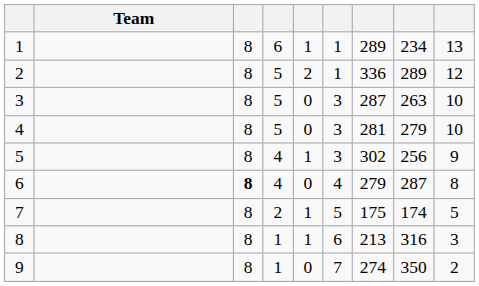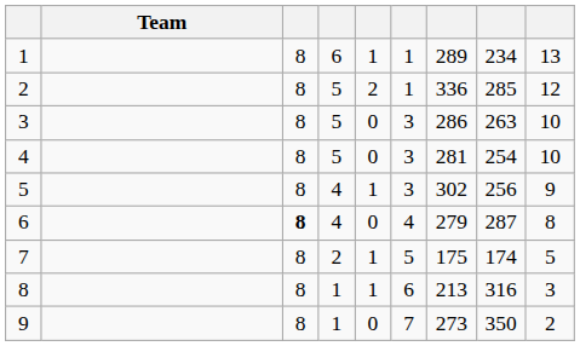 <table class=wikitable style=text-align:center>
 <tr>
 <th width=20 abbr=Position></th>
 <th width=175>Team</th>
 <th width=20 abbr=Played></th>
 <th width=20 abbr=Won></th>
 <th width=20 abbr=Drawn></th>
 <th width=20 abbr=Lost></th>
 <th width=30 abbr=Goal for></th>
 <th width=30 abbr=Goal against></th>
 <th width=30 abbr=Points></th>
 </tr>
 <tr>
 <td>1</td>
 <td align=left></td>
 <td>8</td>
 <td>6</td>
 <td>1</td>
 <td>1</td>
 <td>289</td>
 <td>234</td>
 <td>13</td>
 </tr>
 <tr>
 <td>2</td>
 <td align=left></td>
 <td>8</td>
 <td>5</td>
 <td>2</td>
 <td>1</td>
 <td>336</td>
-<td>289</td>
+<td>285</td>
 <td>12</td>
 </tr>
 <tr>
 <td>3</td>
 <td align=left></td>
 <td>8</td>
 <td>5</td>
 <td>0</td>
 <td>3</td>
-<td>287</td>
+<td>286</td>
 <td>263</td>
 <td>10</td>
 </tr>
 <tr>
 <td>4</td>
 <td align=left></td>
 <td>8</td>
 <td>5</td>
 <td>0</td>
 <td>3</td>
 <td>281</td>
-<td>279</td>
+<td>254</td>
 <td>10</td>
 </tr>
 <tr>
 <td>5</td>
 <td align=left></td>
 <td>8</td>
 <td>4</td>
 <td>1</td>
 <td>3</td>
 <td>302</td>
 <td>256</td>
 <td>9</td>
 </tr>
 <tr>
 <td>6</td>
 <td align=left></td>
 <td><strong>8</strong></td>
 <td>4</td>
 <td>0</td>
 <td>4</td>
 <td>279</td>
 <td>287</td>
 <td>8</td>
 </tr>
 <tr>
 <td>7</td>
 <td align=left></td>
 <td>8</td>
 <td>2</td>
 <td>1</td>
 <td>5</td>
 <td>175</td>
 <td>174</td>
 <td>5</td>
 </tr>
 <tr>
 <td>8</td>
 <td align=left></td>
 <td>8</td>
 <td>1</td>
 <td>1</td>
 <td>6</td>
 <td>213</td>
 <td>316</td>
 <td>3</td>
 </tr>
 <tr>
 <td>9</td>
 <td align=left></td>
 <td>8</td>
 <td>1</td>
 <td>0</td>
 <td>7</td>
-<td>274</td>
+<td>273</td>
 <td>350</td>
 <td>2</td>
 </tr>
 </table>
